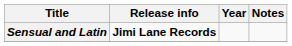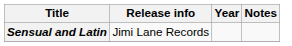 <table class="wikitable plainrowheaders sortable">
 <tr>
 <th scope="col">Title</th>
 <th scope="col">Release info</th>
 <th scope="col">Year</th>
 <th scope="col" class="unsortable">Notes</th>
 </tr>
 <tr>
 <th scope="row"><em>Sensual and Latin</em></th>
-<td><strong>Jimi Lane Records</strong></td>
+<td>Jimi Lane Records</td>
 <td></td>
 <td></td>
 </tr>
 <tr>
 </tr>
 </table>
